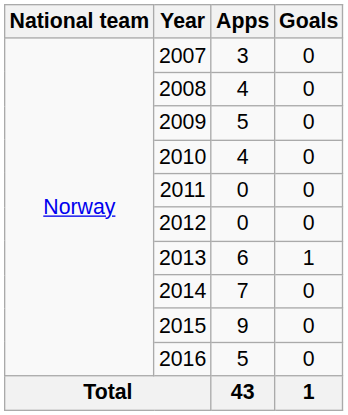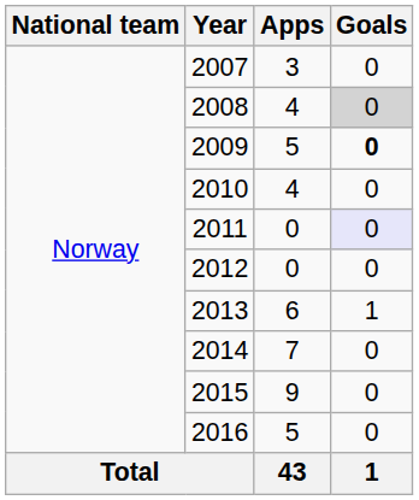 <table class="wikitable" style="text-align: center;">
 <tr>
 <th>National team</th>
 <th>Year</th>
 <th>Apps</th>
 <th>Goals</th>
 </tr>
 <tr>
 <td rowspan=10><a href='#'>Norway</a></td>
 <td>2007</td>
 <td>3</td>
 <td>0</td>
 </tr>
 <tr>
 <td>2008</td>
 <td>4</td>
-<td>0</td>
+<td style="background: lightgrey;">0</td>
 </tr>
 <tr>
 <td>2009</td>
 <td>5</td>
-<td>0</td>
+<td><strong>0</strong></td>
 </tr>
 <tr>
 <td>2010</td>
 <td>4</td>
 <td>0</td>
 </tr>
 <tr>
 <td>2011</td>
 <td>0</td>
-<td>0</td>
+<td style="background: lavender;">0</td>
 </tr>
 <tr>
 <td>2012</td>
 <td>0</td>
 <td>0</td>
 </tr>
 <tr>
 <td>2013</td>
 <td>6</td>
 <td>1</td>
 </tr>
 <tr>
 <td>2014</td>
 <td>7</td>
 <td>0</td>
 </tr>
 <tr>
 <td>2015</td>
 <td>9</td>
 <td>0</td>
 </tr>
 <tr>
 <td>2016</td>
 <td>5</td>
 <td>0</td>
 </tr>
 <tr>
 <th colspan=2>Total</th>
 <th>43</th>
 <th>1</th>
 </tr>
 </table>
